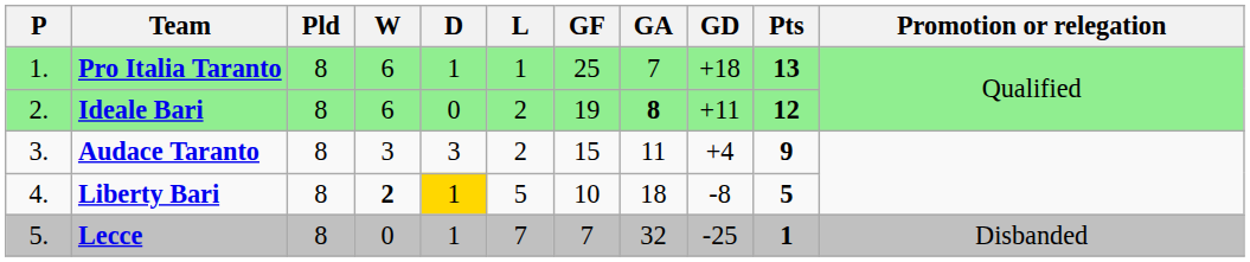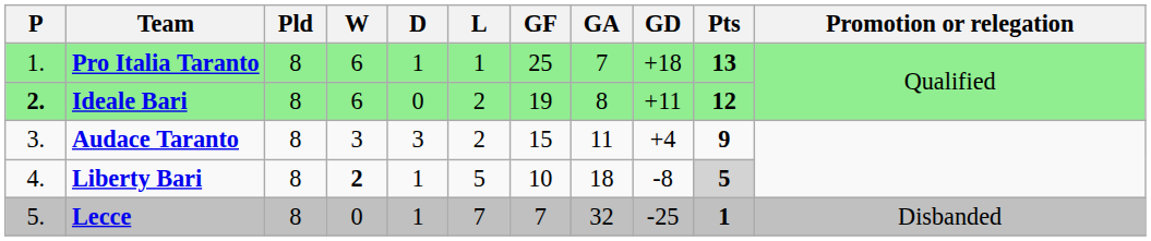 <table class="wikitable sortable" style="text-align: center;">
 <tr>
 <th width=33>P<br></th>
 <th>Team<br></th>
 <th width=33>Pld<br></th>
 <th width=33>W<br></th>
 <th width=33>D<br></th>
 <th width=33>L<br></th>
 <th width=33>GF<br></th>
 <th width=33>GA<br></th>
 <th width=33>GD<br></th>
 <th width=33>Pts<br></th>
 <th class="unsortable" width=250>Promotion or relegation<br></th>
 </tr>
 <tr style="background: #90EE90;">
 <td>1.</td>
 <td align="left"><strong><a href='#'>Pro Italia Taranto</a></strong></td>
 <td>8</td>
 <td>6</td>
 <td>1</td>
 <td>1</td>
 <td>25</td>
 <td>7</td>
 <td>+18</td>
 <td><strong>13</strong></td>
 <td rowspan="2">Qualified</td>
 </tr>
 <tr style="background: #90EE90;">
-<td>2.</td>
+<td><strong>2.</strong></td>
 <td align="left"><strong><a href='#'>Ideale Bari</a></strong></td>
 <td>8</td>
 <td>6</td>
 <td>0</td>
 <td>2</td>
 <td>19</td>
-<td><strong>8</strong></td>
+<td>8</td>
 <td>+11</td>
 <td><strong>12</strong></td>
 </tr>
 <tr>
 <td>3.</td>
 <td align="left"><strong><a href='#'>Audace Taranto</a></strong></td>
 <td>8</td>
 <td>3</td>
 <td>3</td>
 <td>2</td>
 <td>15</td>
 <td>11</td>
 <td>+4</td>
 <td><strong>9</strong></td>
 </tr>
 <tr>
 <td>4.</td>
 <td align="left"><strong><a href='#'>Liberty Bari</a></strong></td>
 <td>8</td>
 <td><strong>2</strong></td>
-<td style="background: gold;">1</td>
+<td>1</td>
 <td>5</td>
 <td>10</td>
 <td>18</td>
 <td>-8</td>
-<td><strong>5</strong></td>
+<td style="background: lightgrey;"><strong>5</strong></td>
 </tr>
 <tr style="background:silver">
 <td>5.</td>
 <td align="left"><strong><a href='#'>Lecce</a></strong></td>
 <td>8</td>
 <td>0</td>
 <td>1</td>
 <td>7</td>
 <td>7</td>
 <td>32</td>
 <td>-25</td>
 <td><strong>1</strong></td>
 <td>Disbanded</td>
 </tr>
 </table>
